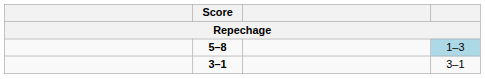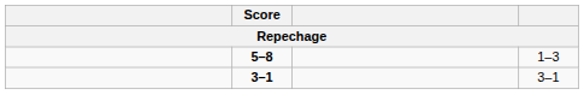 <table class="wikitable" style="text-align: left; ">
 <tr>
 <th align="right" width="270"></th>
 <th width="65">Score</th>
 <th align="left" width="270"></th>
 <th width="65"></th>
 </tr>
 <tr>
 <th colspan=4>Repechage</th>
 </tr>
 <tr>
 <td></td>
 <td align="center"><strong>5–8</strong></td>
 <td><strong></strong></td>
-<td align=center style="background: lightblue;">1–3 <strong></strong></td>
+<td align=center>1–3 <strong></strong></td>
 </tr>
 <tr>
 <td><strong></strong></td>
 <td align="center"><strong>3–1</strong></td>
 <td></td>
 <td align=center>3–1 <strong></strong></td>
 </tr>
 </table>
